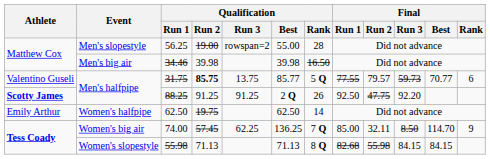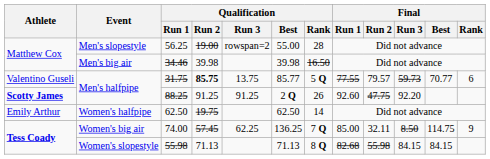 <table class=wikitable style=font-size:90%;text-align:center>
 <tr>
 <th rowspan=2>Athlete</th>
 <th rowspan=2>Event</th>
 <th colspan=5>Qualification</th>
 <th colspan=5>Final</th>
 </tr>
 <tr>
 <th>Run 1</th>
 <th>Run 2</th>
 <th>Run 3</th>
 <th>Best</th>
 <th>Rank</th>
 <th>Run 1</th>
 <th>Run 2</th>
 <th>Run 3</th>
 <th>Best</th>
 <th>Rank</th>
 </tr>
 <tr>
 <td align=left rowspan=2><a href='#'>Matthew Cox</a></td>
 <td align=left><a href='#'>Men's slopestyle</a></td>
 <td>56.25</td>
 <td><s>19.00</s></td>
 <td>rowspan=2</td>
 <td>55.00</td>
 <td>28</td>
 <td colspan=5>Did not advance</td>
 </tr>
 <tr>
 <td align=left><a href='#'>Men's big air</a></td>
 <td><s>34.46</s></td>
 <td>39.98</td>
 <td></td>
 <td>39.98</td>
 <td><s>16.50</s></td>
 <td colspan=5>Did not advance</td>
 </tr>
 <tr>
 <td align=left><a href='#'>Valentino Guseli</a></td>
 <td align=left rowspan=2><a href='#'>Men's halfpipe</a></td>
 <td><s>31.75</s></td>
 <td><strong>85.75</strong></td>
 <td>13.75</td>
 <td>85.77</td>
 <td>5 <strong>Q</strong></td>
 <td><s>77.55</s></td>
 <td>79.57</td>
 <td><s>59.73</s></td>
 <td>70.77</td>
 <td>6</td>
 </tr>
 <tr>
 <td align=left><strong><a href='#'>Scotty James</a></strong></td>
 <td><s>88.25</s></td>
 <td>91.25</td>
 <td>91.25</td>
 <td>2 <strong>Q</strong></td>
 <td>26</td>
-<td>92.50</td>
+<td>92.60</td>
 <td><s>47.75</s></td>
 <td>92.20</td>
 <td></td>
 </tr>
 <tr>
 <td align=left><a href='#'>Emily Arthur</a></td>
 <td align=left><a href='#'>Women's halfpipe</a></td>
 <td>62.50</td>
 <td><s>19.75</s></td>
 <td></td>
 <td>62.50</td>
 <td>14</td>
 <td colspan=5>Did not advance</td>
 </tr>
 <tr>
 <td align=left rowspan=2><strong><a href='#'>Tess Coady</a></strong></td>
 <td align=left><a href='#'>Women's big air</a></td>
 <td>74.00</td>
 <td><s>57.45</s></td>
 <td>62.25</td>
 <td>136.25</td>
 <td>7 <strong>Q</strong></td>
 <td>85.00</td>
 <td>32.11</td>
 <td><s>8.50</s></td>
-<td>114.70</td>
+<td>114.75</td>
 <td>9</td>
 </tr>
 <tr>
 <td align=left><a href='#'>Women's slopestyle</a></td>
 <td><s>55.98</s></td>
 <td>71.13</td>
 <td></td>
 <td>71.13</td>
 <td>8 <strong>Q</strong></td>
 <td><s>82.68</s></td>
 <td><s>55.98</s></td>
 <td>84.15</td>
 <td>84.15</td>
 <td></td>
 </tr>
 </table>
